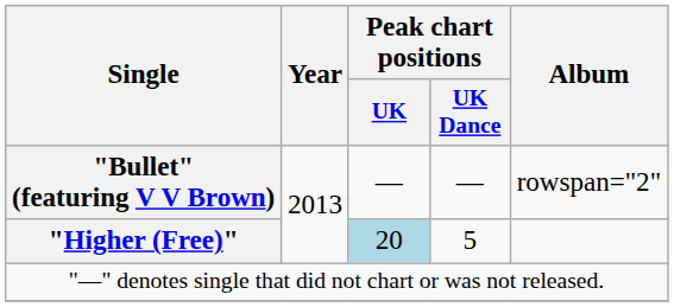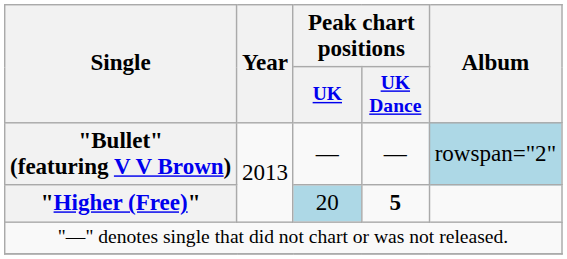 <table class="wikitable plainrowheaders" style="text-align:center;">
 <tr>
 <th scope="col" rowspan="2">Single</th>
 <th scope="col" rowspan="2">Year</th>
 <th scope="col" colspan="2">Peak chart positions</th>
 <th scope="col" rowspan="2">Album</th>
 </tr>
 <tr>
 <th scope="col" style="width:3em;font-size:85%;"><a href='#'>UK</a><br></th>
 <th scope="col" style="width:3em;font-size:85%;"><a href='#'>UK<br>Dance</a><br></th>
 </tr>
 <tr>
 <th scope="row">"Bullet"<br><span>(featuring <a href='#'>V V Brown</a>)</span></th>
 <td rowspan="2">2013</td>
 <td>—</td>
 <td>—</td>
-<td>rowspan="2" </td>
+<td style="background: lightblue;">rowspan="2" </td>
 </tr>
 <tr>
 <th scope="row">"<a href='#'>Higher (Free)</a>"</th>
 <td style="background: lightblue;">20</td>
-<td>5</td>
+<td><strong>5</strong></td>
 </tr>
 <tr>
 <td colspan="18" style="font-size:85%">"—" denotes single that did not chart or was not released.</td>
 </tr>
 <tr>
 </tr>
 </table>
